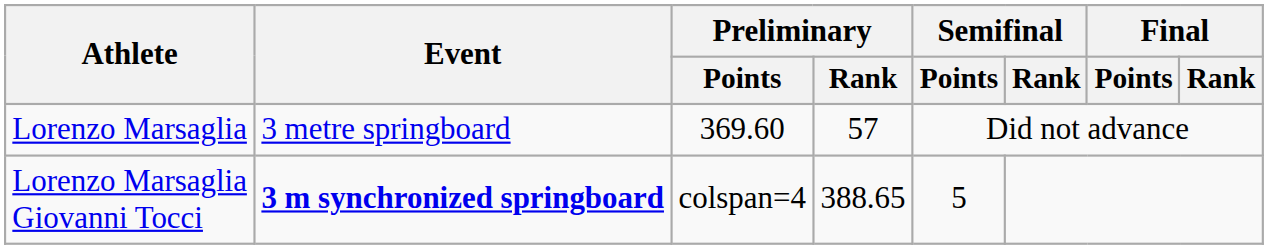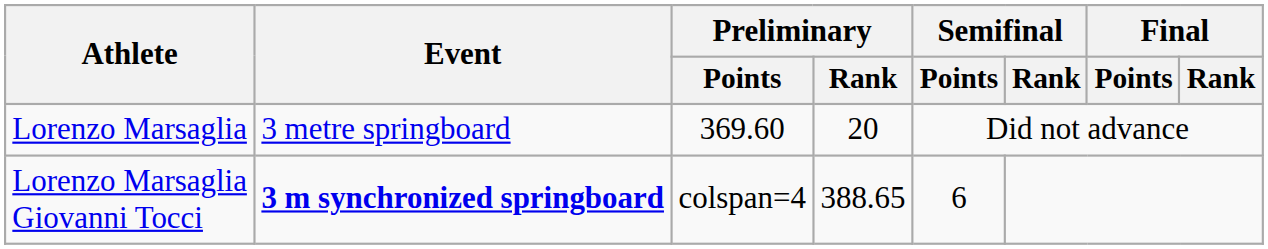 <table class=wikitable style="font-size:90%">
 <tr>
 <th rowspan="2">Athlete</th>
 <th rowspan="2">Event</th>
 <th colspan="2">Preliminary</th>
 <th colspan="2">Semifinal</th>
 <th colspan="2">Final</th>
 </tr>
 <tr style="font-size:95%">
 <th>Points</th>
 <th>Rank</th>
 <th>Points</th>
 <th>Rank</th>
 <th>Points</th>
 <th>Rank</th>
 </tr>
 <tr align=center>
 <td align=left><a href='#'>Lorenzo Marsaglia</a></td>
 <td align=left><a href='#'>3 metre springboard</a></td>
 <td>369.60</td>
-<td>57</td>
+<td>20</td>
 <td colspan="4">Did not advance</td>
 </tr>
 <tr align=center>
 <td align=left><a href='#'>Lorenzo Marsaglia</a><br><a href='#'>Giovanni Tocci</a></td>
 <td align=left><strong><a href='#'>3 m synchronized springboard</a></strong></td>
 <td>colspan=4 </td>
 <td>388.65</td>
-<td>5</td>
+<td>6</td>
 </tr>
 </table>
